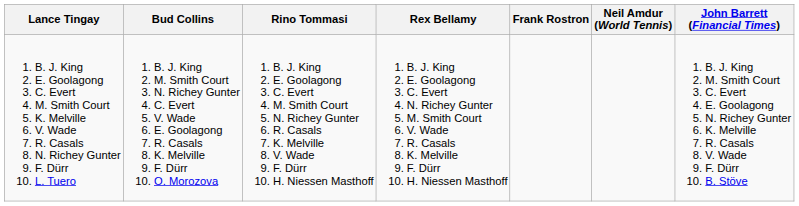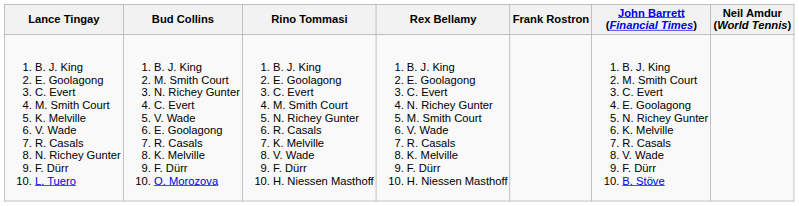 <table class="wikitable">
 <tr>
 <th>Lance Tingay<strong></strong></th>
 <th>Bud Collins</th>
 <th>Rino Tommasi</th>
 <th>Rex Bellamy</th>
 <th>Frank Rostron<em></em></th>
+<th><a href='#'>John Barrett</a><br>(<em><a href='#'>Financial Times</a></em>)</th>
 <th>Neil Amdur<br>(<em>World Tennis</em>)</th>
-<th><a href='#'>John Barrett</a><br>(<em><a href='#'>Financial Times</a></em>)</th>
 </tr>
 <tr style="vertical-align: top;">
 <td style="white-space: nowrap;"><br><ol><li> B. J. King</li><li> E. Goolagong</li><li> C. Evert</li><li> M. Smith Court</li><li> K. Melville</li><li> V. Wade</li><li> R. Casals</li><li> N. Richey Gunter</li><li> F. Dürr</li><li> <a href='#'>L. Tuero</a></li></ol></td>
 <td style="white-space: nowrap;"><br><ol><li> B. J. King</li><li> M. Smith Court</li><li> N. Richey Gunter</li><li> C. Evert</li><li> V. Wade</li><li> E. Goolagong</li><li> R. Casals</li><li> K. Melville</li><li> F. Dürr</li><li> <a href='#'>O. Morozova</a></li></ol></td>
 <td style="white-space: nowrap;"><br><ol><li> B. J. King</li><li> E. Goolagong</li><li> C. Evert</li><li> M. Smith Court</li><li> N. Richey Gunter</li><li> R. Casals</li><li> K. Melville</li><li> V. Wade</li><li> F. Dürr</li><li> H. Niessen Masthoff</li></ol></td>
 <td style="white-space: nowrap;"><br><ol><li> B. J. King</li><li> E. Goolagong</li><li> C. Evert</li><li> N. Richey Gunter</li><li> M. Smith Court</li><li> V. Wade</li><li> R. Casals</li><li> K. Melville</li><li> F. Dürr</li><li> H. Niessen Masthoff</li></ol></td>
 <td></td>
+<td style="white-space: nowrap;"><br><ol><li> B. J. King</li><li> M. Smith Court</li><li> C. Evert</li><li> E. Goolagong</li><li> N. Richey Gunter</li><li> K. Melville</li><li> R. Casals</li><li> V. Wade</li><li> F. Dürr</li><li> <a href='#'>B. Stöve</a></li></ol></td>
 <td></td>
-<td style="white-space: nowrap;"><br><ol><li> B. J. King</li><li> M. Smith Court</li><li> C. Evert</li><li> E. Goolagong</li><li> N. Richey Gunter</li><li> K. Melville</li><li> R. Casals</li><li> V. Wade</li><li> F. Dürr</li><li> <a href='#'>B. Stöve</a></li></ol></td>
 </tr>
 </table>
